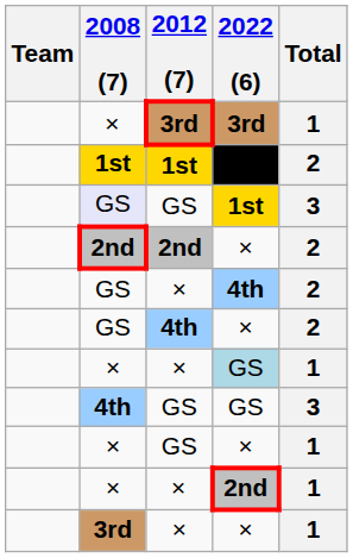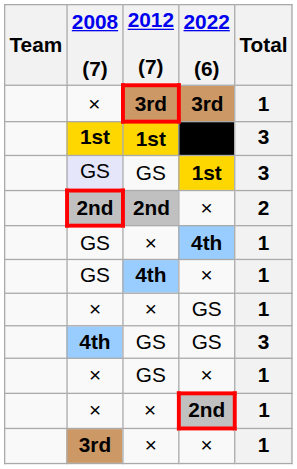 <table class="wikitable" style="text-align:center">
 <tr>
 <th>Team</th>
 <th><a href='#'>2008</a><br> <br>  (7)</th>
 <th><a href='#'>2012</a><br> <br> (7)</th>
 <th><a href='#'>2022</a><br> <br> (6)</th>
 <th>Total</th>
 </tr>
 <tr>
 <td align=left></td>
 <td>×</td>
 <td style="border:3px solid red" bgcolor=#cc9966><strong>3rd</strong></td>
 <td bgcolor=#cc9966><strong>3rd</strong></td>
 <th>1</th>
 </tr>
 <tr>
 <td align=left></td>
 <td bgcolor=Gold><strong>1st</strong></td>
 <td bgcolor=Gold><strong>1st</strong></td>
 <td bgcolor=Black></td>
-<th>2</th>
+<th>3</th>
 </tr>
 <tr>
 <td align=left></td>
 <td style="background: lavender;">GS</td>
 <td>GS</td>
 <td bgcolor=Gold><strong>1st</strong></td>
 <th>3</th>
 </tr>
 <tr>
 <td align=left></td>
 <td style="border:3px solid red" bgcolor=Silver><strong>2nd</strong></td>
 <td bgcolor=Silver><strong>2nd</strong></td>
 <td>×</td>
 <th>2</th>
 </tr>
 <tr>
 <td align=left></td>
 <td>GS</td>
 <td>×</td>
 <td bgcolor=#9acdff><strong>4th</strong></td>
-<th>2</th>
+<th>1</th>
 </tr>
 <tr>
 <td align=left></td>
 <td>GS</td>
 <td bgcolor=#9acdff><strong>4th</strong></td>
 <td>×</td>
-<th>2</th>
+<th>1</th>
 </tr>
 <tr>
 <td align=left></td>
 <td>×</td>
 <td>×</td>
-<td style="background: lightblue;">GS</td>
+<td>GS</td>
 <th>1</th>
 </tr>
 <tr>
 <td align=left></td>
 <td bgcolor=#9acdff><strong>4th</strong></td>
 <td>GS</td>
 <td>GS</td>
 <th>3</th>
 </tr>
 <tr>
 <td align=left></td>
 <td>×</td>
 <td>GS</td>
 <td>×</td>
 <th>1</th>
 </tr>
 <tr>
 <td align=left></td>
 <td>×</td>
 <td>×</td>
 <td style="border:3px solid red" bgcolor=Silver><strong>2nd</strong></td>
 <th>1</th>
 </tr>
 <tr>
 <td align=left></td>
 <td bgcolor=#cc9966><strong>3rd</strong></td>
 <td>×</td>
 <td>×</td>
 <th>1</th>
 </tr>
 </table>
